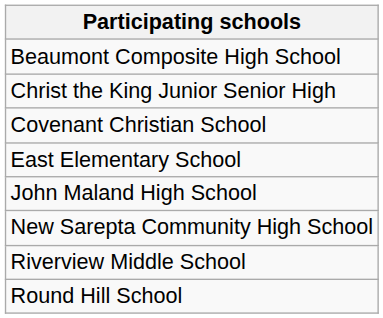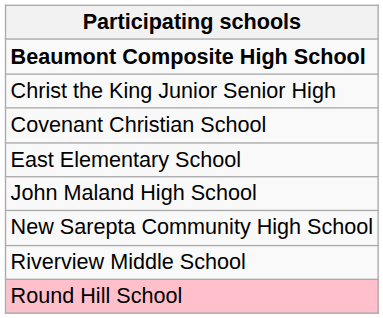 <table class="wikitable" align=right>
 <tr>
 <th>Participating schools</th>
 </tr>
 <tr>
-<td>Beaumont Composite High School</td>
+<td><strong>Beaumont Composite High School</strong></td>
 </tr>
 <tr>
 <td>Christ the King Junior Senior High</td>
 </tr>
 <tr>
 <td>Covenant Christian School</td>
 </tr>
 <tr>
 <td>East Elementary School</td>
 </tr>
 <tr>
 <td>John Maland High School</td>
 </tr>
 <tr>
 <td>New Sarepta Community High School</td>
 </tr>
 <tr>
 <td>Riverview Middle School</td>
 </tr>
 <tr>
-<td>Round Hill School</td>
+<td style="background: pink;">Round Hill School</td>
 </tr>
 </table>
